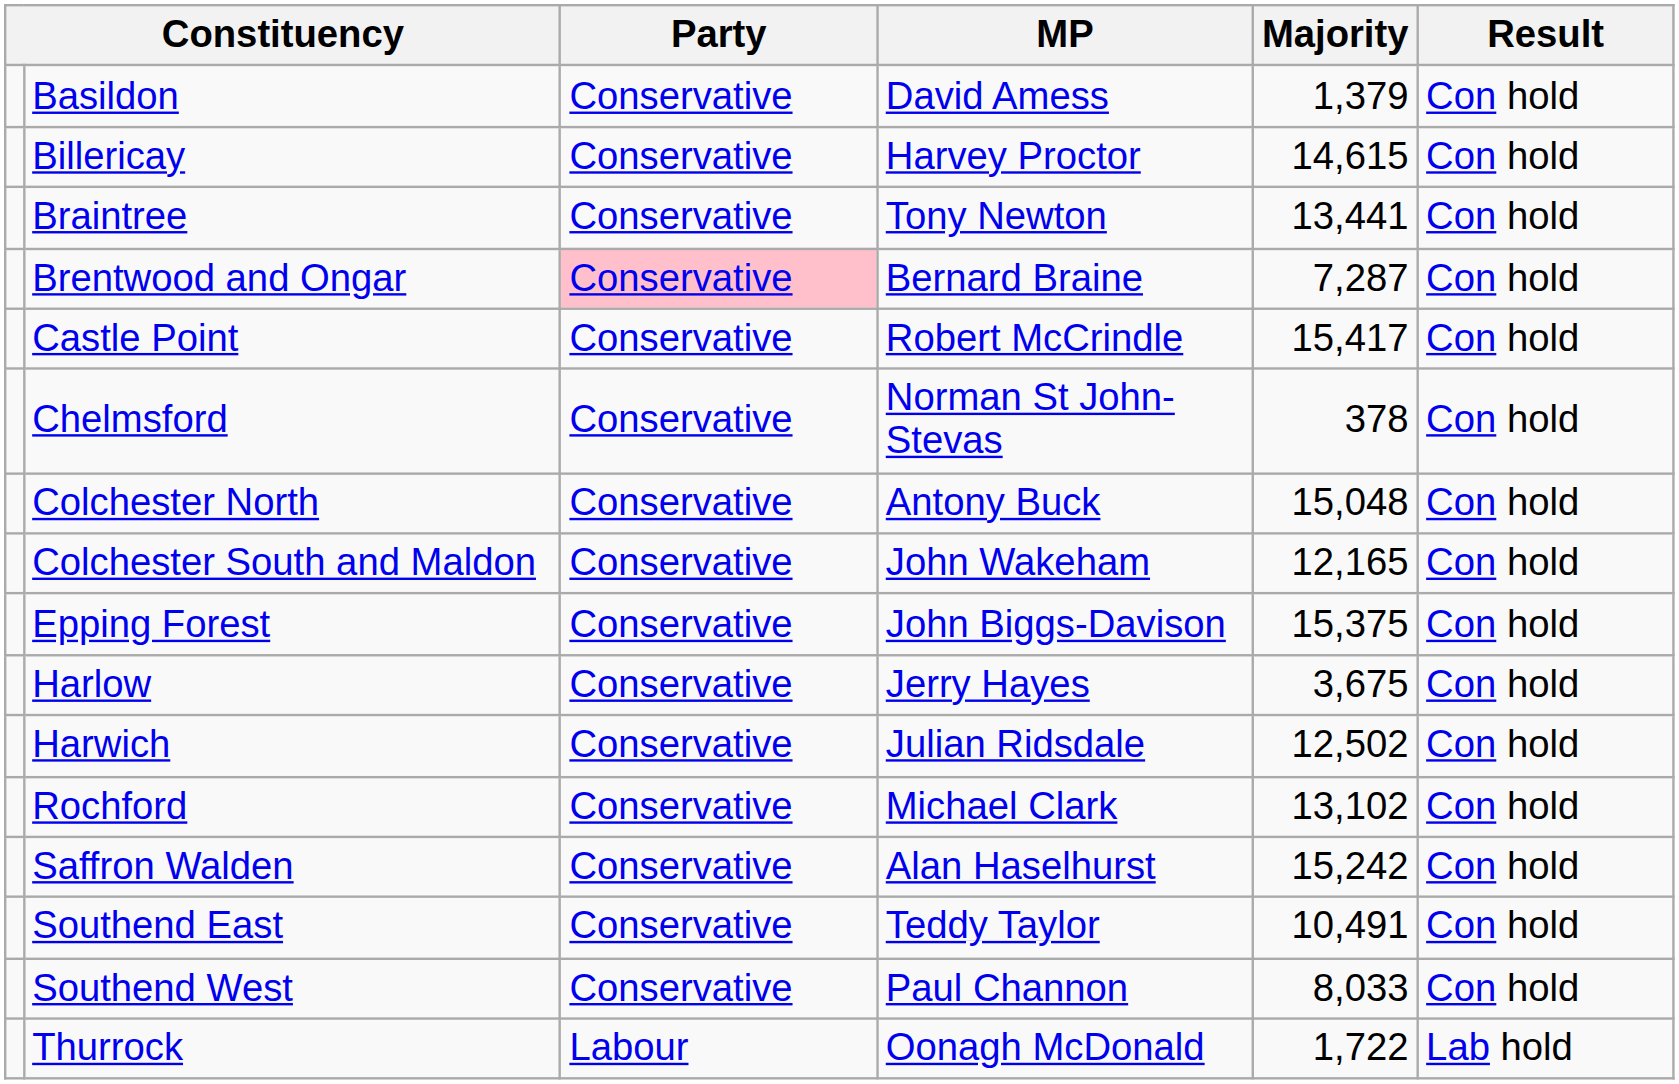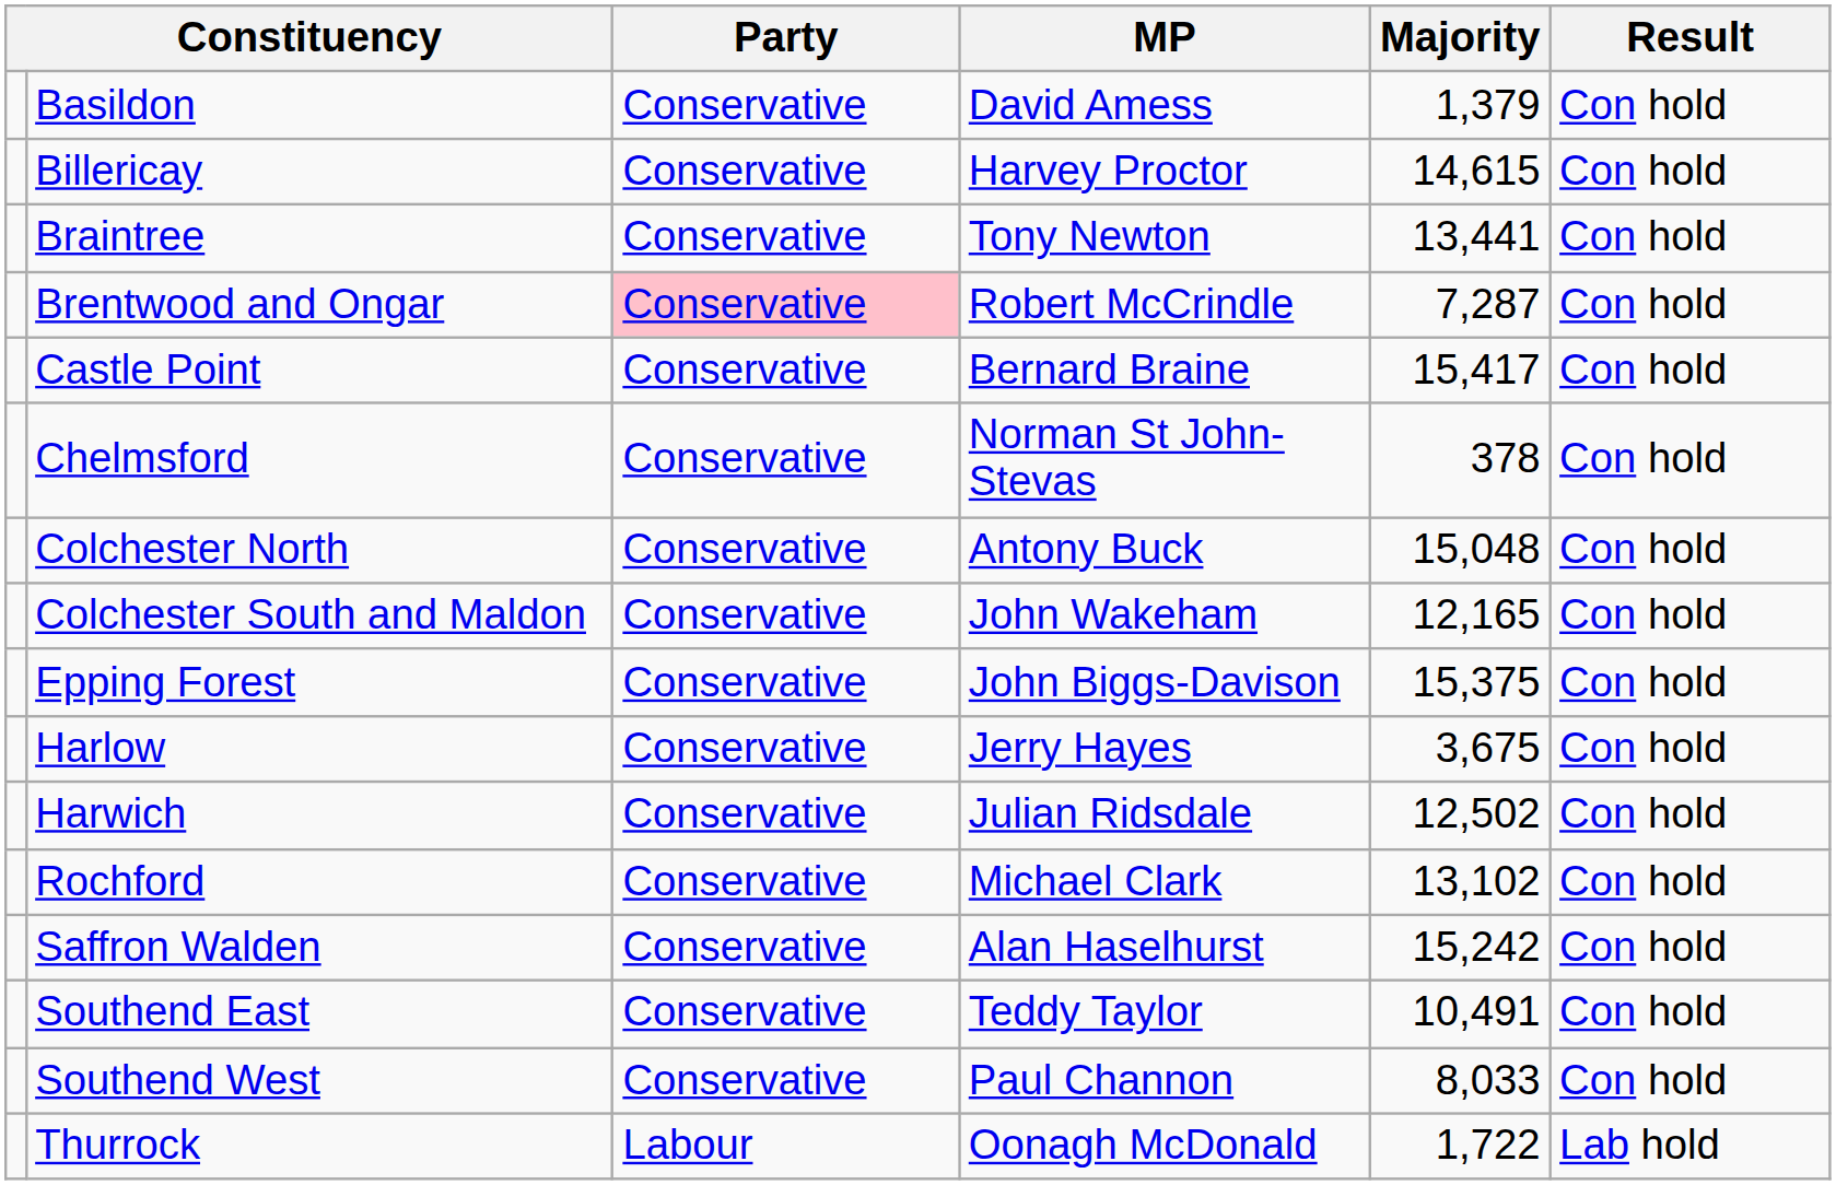 <table class="wikitable">
 <tr>
 <th colspan="2" width="225px">Constituency</th>
 <th width="125px">Party</th>
 <th width="150px">MP</th>
 <th width="60px">Majority</th>
 <th width="100px">Result</th>
 </tr>
 <tr>
 <td style="color:inherit;background:"></td>
 <td><a href='#'>Basildon</a></td>
 <td align="left"><a href='#'>Conservative</a></td>
 <td align="left"><a href='#'>David Amess</a></td>
 <td align="right">1,379</td>
 <td align="left"><a href='#'>Con</a> hold</td>
 </tr>
 <tr>
 <td style="color:inherit;background:"></td>
 <td><a href='#'>Billericay</a></td>
 <td align="left"><a href='#'>Conservative</a></td>
 <td align="left"><a href='#'>Harvey Proctor</a></td>
 <td align="right">14,615</td>
 <td align="left"><a href='#'>Con</a> hold</td>
 </tr>
 <tr>
 <td style="color:inherit;background:"></td>
 <td><a href='#'>Braintree</a></td>
 <td align="left"><a href='#'>Conservative</a></td>
 <td align="left"><a href='#'>Tony Newton</a></td>
 <td align="right">13,441</td>
 <td align="left"><a href='#'>Con</a> hold</td>
 </tr>
 <tr>
 <td style="color:inherit;background:"></td>
 <td><a href='#'>Brentwood and Ongar</a></td>
 <td align="left" style="background: pink;"><a href='#'>Conservative</a></td>
-<td align="left"><a href='#'>Bernard Braine</a></td>
+<td align="left"><a href='#'>Robert McCrindle</a></td>
 <td align="right">7,287</td>
 <td align="left"><a href='#'>Con</a> hold</td>
 </tr>
 <tr>
 <td style="color:inherit;background:"></td>
 <td><a href='#'>Castle Point</a></td>
 <td align="left"><a href='#'>Conservative</a></td>
-<td align="left"><a href='#'>Robert McCrindle</a></td>
+<td align="left"><a href='#'>Bernard Braine</a></td>
 <td align="right">15,417</td>
 <td align="left"><a href='#'>Con</a> hold</td>
 </tr>
 <tr>
 <td style="color:inherit;background:"></td>
 <td><a href='#'>Chelmsford</a></td>
 <td align="left"><a href='#'>Conservative</a></td>
 <td align="left"><a href='#'>Norman St John-Stevas</a></td>
 <td align="right">378</td>
 <td align="left"><a href='#'>Con</a> hold</td>
 </tr>
 <tr>
 <td style="color:inherit;background:"></td>
 <td><a href='#'>Colchester North</a></td>
 <td align="left"><a href='#'>Conservative</a></td>
 <td align="left"><a href='#'>Antony Buck</a></td>
 <td align="right">15,048</td>
 <td align="left"><a href='#'>Con</a> hold</td>
 </tr>
 <tr>
 <td style="color:inherit;background:"></td>
 <td><a href='#'>Colchester South and Maldon</a></td>
 <td align="left"><a href='#'>Conservative</a></td>
 <td align="left"><a href='#'>John Wakeham</a></td>
 <td align="right">12,165</td>
 <td align="left"><a href='#'>Con</a> hold</td>
 </tr>
 <tr>
 <td style="color:inherit;background:"></td>
 <td><a href='#'>Epping Forest</a></td>
 <td align="left"><a href='#'>Conservative</a></td>
 <td align="left"><a href='#'>John Biggs-Davison</a></td>
 <td align="right">15,375</td>
 <td align="left"><a href='#'>Con</a> hold</td>
 </tr>
 <tr>
 <td style="color:inherit;background:"></td>
 <td><a href='#'>Harlow</a></td>
 <td align="left"><a href='#'>Conservative</a></td>
 <td align="left"><a href='#'>Jerry Hayes</a></td>
 <td align="right">3,675</td>
 <td align="left"><a href='#'>Con</a> hold</td>
 </tr>
 <tr>
 <td style="color:inherit;background:"></td>
 <td><a href='#'>Harwich</a></td>
 <td align="left"><a href='#'>Conservative</a></td>
 <td align="left"><a href='#'>Julian Ridsdale</a></td>
 <td align="right">12,502</td>
 <td align="left"><a href='#'>Con</a> hold</td>
 </tr>
 <tr>
 <td style="color:inherit;background:"></td>
 <td><a href='#'>Rochford</a></td>
 <td align="left"><a href='#'>Conservative</a></td>
 <td align="left"><a href='#'>Michael Clark</a></td>
 <td align="right">13,102</td>
 <td align="left"><a href='#'>Con</a> hold</td>
 </tr>
 <tr>
 <td style="color:inherit;background:"></td>
 <td><a href='#'>Saffron Walden</a></td>
 <td align="left"><a href='#'>Conservative</a></td>
 <td align="left"><a href='#'>Alan Haselhurst</a></td>
 <td align="right">15,242</td>
 <td align="left"><a href='#'>Con</a> hold</td>
 </tr>
 <tr>
 <td style="color:inherit;background:"></td>
 <td><a href='#'>Southend East</a></td>
 <td align="left"><a href='#'>Conservative</a></td>
 <td align="left"><a href='#'>Teddy Taylor</a></td>
 <td align="right">10,491</td>
 <td align="left"><a href='#'>Con</a> hold</td>
 </tr>
 <tr>
 <td style="color:inherit;background:"></td>
 <td><a href='#'>Southend West</a></td>
 <td align="left"><a href='#'>Conservative</a></td>
 <td align="left"><a href='#'>Paul Channon</a></td>
 <td align="right">8,033</td>
 <td align="left"><a href='#'>Con</a> hold</td>
 </tr>
 <tr>
 <td style="color:inherit;background:"></td>
 <td><a href='#'>Thurrock</a></td>
 <td align="left"><a href='#'>Labour</a></td>
 <td align="left"><a href='#'>Oonagh McDonald</a></td>
 <td align="right">1,722</td>
 <td align="left"><a href='#'>Lab</a> hold</td>
 </tr>
 </table>
